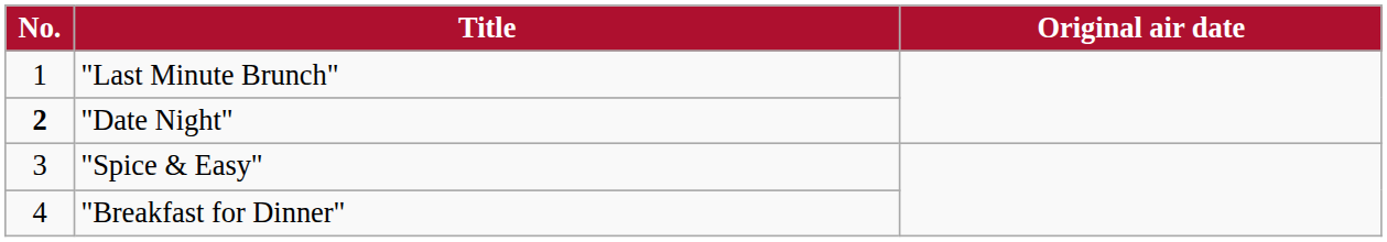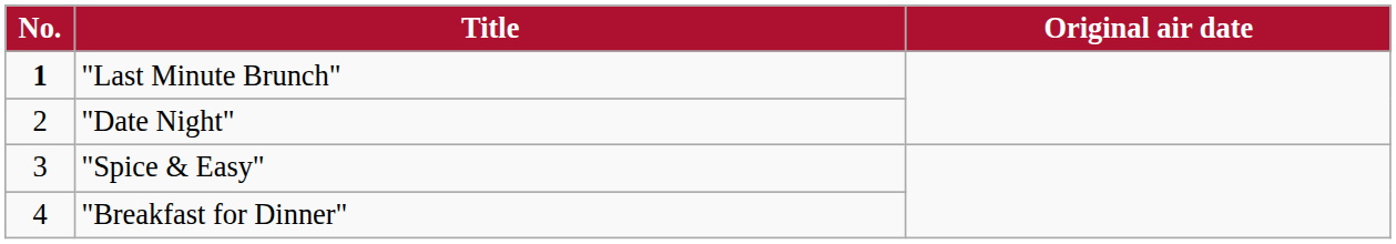 <table class="wikitable plainrowheaders" style="width:60%;">
 <tr>
 <th style="background-color: #AE102F; color: #FFFFFF;" width=5%>No.</th>
 <th style="background-color: #AE102F; color: #FFFFFF;" width=60%>Title</th>
 <th style="background-color: #AE102F; color: #FFFFFF;">Original air date</th>
 </tr>
 <tr>
-<td align=center>1</td>
+<td align=center><strong>1</strong></td>
 <td>"Last Minute Brunch"</td>
 <td align=center valign=center rowspan=2></td>
 </tr>
 <tr>
-<td align=center><strong>2</strong></td>
+<td align=center>2</td>
 <td>"Date Night"</td>
 </tr>
 <tr>
 <td align=center>3</td>
 <td>"Spice & Easy"</td>
 <td align=center valign=center rowspan=2></td>
 </tr>
 <tr>
 <td align=center>4</td>
 <td>"Breakfast for Dinner"</td>
 </tr>
 </table>
